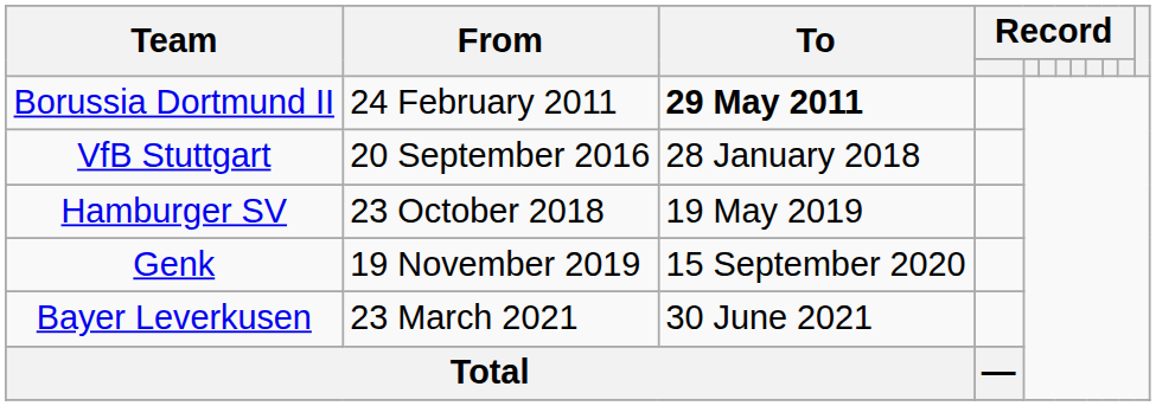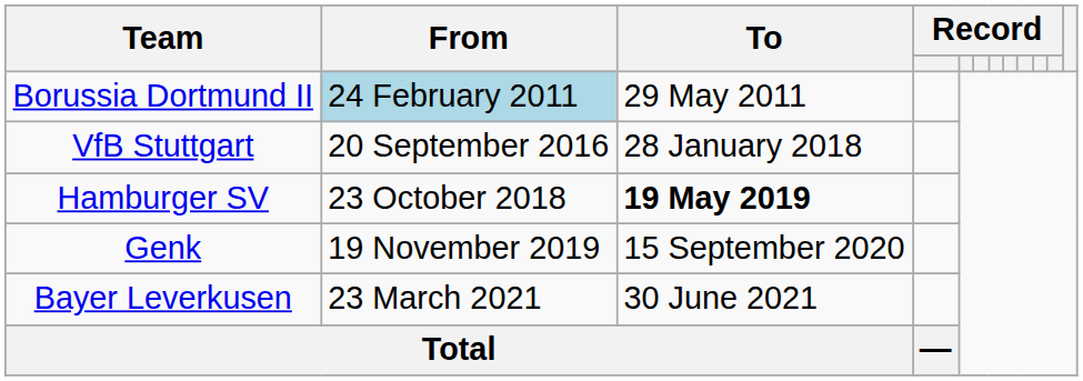 <table class="wikitable" style="text-align: center">
 <tr>
 <th rowspan="2">Team</th>
 <th rowspan="2">From</th>
 <th rowspan="2">To</th>
 <th colspan="8">Record</th>
 <th rowspan=2></th>
 </tr>
 <tr>
 <th></th>
 <th></th>
 <th></th>
 <th></th>
 <th></th>
 <th></th>
 <th></th>
 <th></th>
 </tr>
 <tr>
 <td><a href='#'>Borussia Dortmund II</a></td>
-<td align=left>24 February 2011</td>
-<td align=left><strong>29 May 2011<br></strong></td>
+<td align=left style="background: lightblue;">24 February 2011</td>
+<td align=left>29 May 2011<br></td>
 <td></td>
 </tr>
 <tr>
 <td><a href='#'>VfB Stuttgart</a></td>
 <td align=left>20 September 2016</td>
 <td align=left>28 January 2018<br></td>
 <td></td>
 </tr>
 <tr>
 <td><a href='#'>Hamburger SV</a></td>
 <td align=left>23 October 2018</td>
-<td align=left>19 May 2019<br></td>
+<td align=left><strong>19 May 2019<br></strong></td>
 <td></td>
 </tr>
 <tr>
 <td><a href='#'>Genk</a></td>
 <td align=left>19 November 2019</td>
 <td align=left>15 September 2020<br></td>
 <td></td>
 </tr>
 <tr>
 <td><a href='#'>Bayer Leverkusen</a></td>
 <td align=left>23 March 2021</td>
 <td align=left>30 June 2021<br></td>
 <td></td>
 </tr>
 <tr>
 <th colspan="3">Total<br></th>
 <th>—</th>
 </tr>
 </table>
